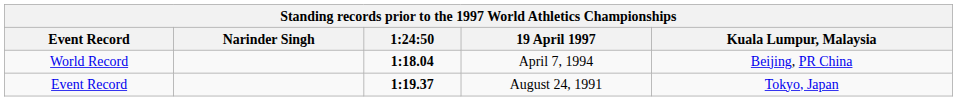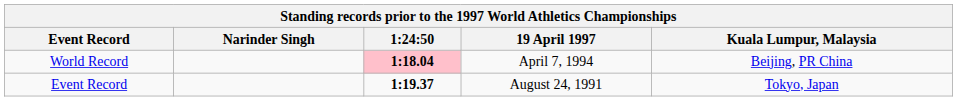 <table class="wikitable" style=" text-align:center; font-size:110%;" width="95%">
 <tr>
 <th colspan="5">Standing records prior to the 1997 World Athletics Championships</th>
 </tr>
 <tr>
 <th>Event Record</th>
 <th>Narinder Singh</th>
 <th>1:24:50</th>
 <th>19 April 1997</th>
 <th>Kuala Lumpur,  Malaysia</th>
 </tr>
 <tr>
 <td><a href='#'>World Record</a></td>
 <td></td>
-<td><strong>1:18.04</strong></td>
+<td style="background: pink;"><strong>1:18.04</strong></td>
 <td>April 7, 1994</td>
 <td> <a href='#'>Beijing</a>, <a href='#'>PR China</a></td>
 </tr>
 <tr>
 <td><a href='#'>Event Record</a></td>
 <td></td>
 <td><strong>1:19.37</strong></td>
 <td>August 24, 1991</td>
 <td> <a href='#'>Tokyo, Japan</a></td>
 </tr>
 </table>
